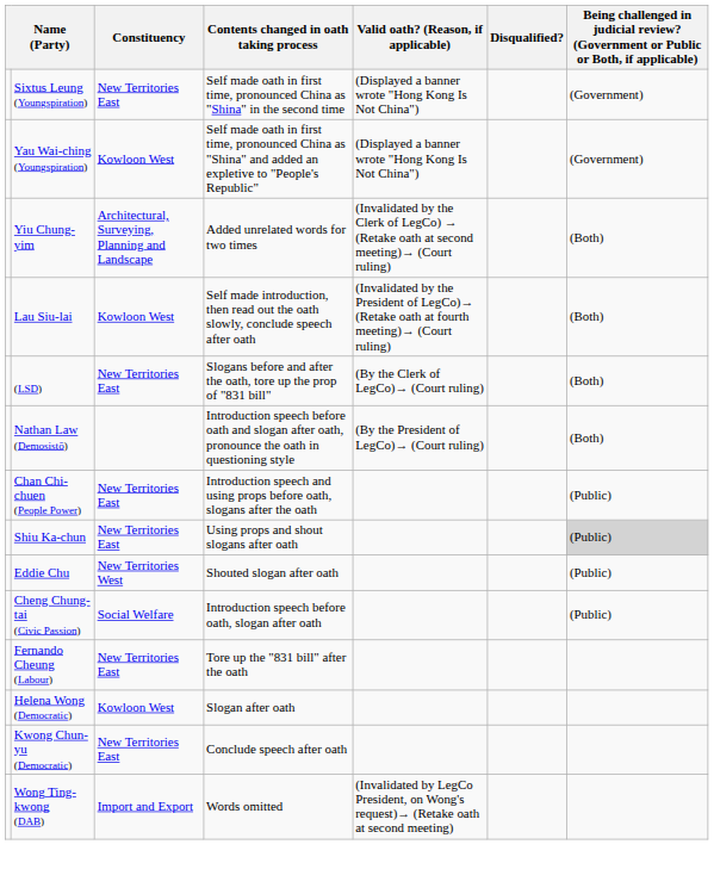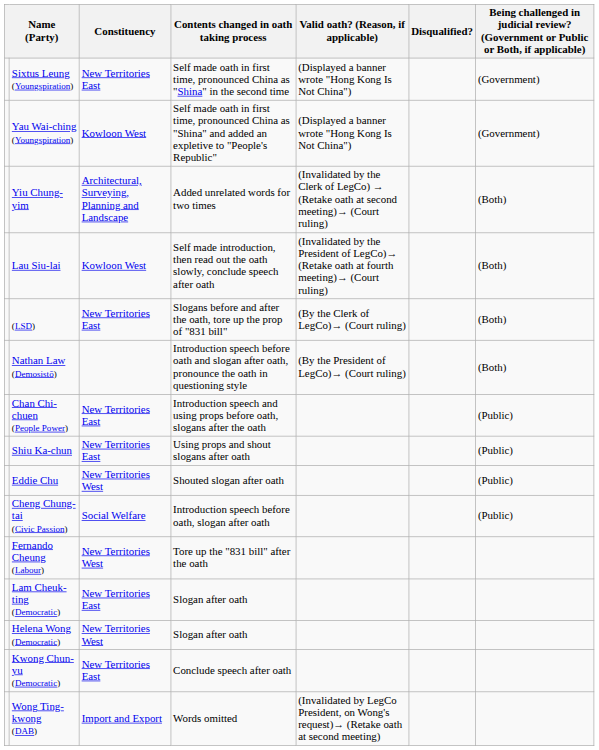 <table class=wikitable>
 <tr>
 <th colspan=2>Name<br>(Party)</th>
 <th>Constituency</th>
 <th>Contents changed in oath taking process</th>
 <th>Valid oath? (Reason, if applicable)</th>
 <th>Disqualified?</th>
 <th>Being challenged in judicial review? (Government or Public or Both, if applicable)</th>
 </tr>
 <tr>
 <td></td>
 <td><a href='#'>Sixtus Leung</a><br><small>(<a href='#'>Youngspiration</a>)</small></td>
 <td><a href='#'>New Territories East</a></td>
 <td>Self made oath in first time, pronounced China as "<a href='#'>Shina</a>" in the second time</td>
 <td> (Displayed a banner wrote "Hong Kong Is Not China")</td>
 <td></td>
 <td> (Government)</td>
 </tr>
 <tr>
 <td></td>
 <td><a href='#'>Yau Wai-ching</a><br><small>(<a href='#'>Youngspiration</a>)</small></td>
 <td><a href='#'>Kowloon West</a></td>
 <td>Self made oath in first time, pronounced China as "Shina" and added an expletive to "People's Republic"</td>
 <td> (Displayed a banner wrote "Hong Kong Is Not China")</td>
 <td></td>
 <td> (Government)</td>
 </tr>
 <tr>
 <td></td>
 <td><a href='#'>Yiu Chung-yim</a></td>
 <td><a href='#'>Architectural, Surveying, Planning and Landscape</a></td>
 <td>Added unrelated words  for two times</td>
 <td> (Invalidated by the Clerk of LegCo) → (Retake oath at second meeting)→ (Court ruling)</td>
 <td></td>
 <td> (Both)</td>
 </tr>
 <tr>
 <td></td>
 <td><a href='#'>Lau Siu-lai</a></td>
 <td><a href='#'>Kowloon West</a></td>
 <td>Self made introduction, then read out the oath slowly, conclude speech after oath</td>
 <td> (Invalidated by the President of LegCo)→ (Retake oath at fourth meeting)→ (Court ruling)</td>
 <td></td>
 <td> (Both)</td>
 </tr>
 <tr>
 <td></td>
 <td><br><small>(<a href='#'>LSD</a>)</small></td>
 <td><a href='#'>New Territories East</a></td>
 <td>Slogans before and after the oath, tore up the prop of "831 bill"</td>
 <td> (By the Clerk of LegCo)→ (Court ruling)</td>
 <td></td>
 <td> (Both)</td>
 </tr>
 <tr>
 <td></td>
 <td><a href='#'>Nathan Law</a><br><small>(<a href='#'>Demosistō</a>)</small></td>
 <td></td>
 <td>Introduction speech before oath  and slogan after oath,  pronounce the oath in questioning style</td>
 <td> (By the President of LegCo)→ (Court ruling)</td>
 <td></td>
 <td> (Both)</td>
 </tr>
 <tr>
 <td></td>
 <td><a href='#'>Chan Chi-chuen</a><br><small>(<a href='#'>People Power</a>)</small></td>
 <td><a href='#'>New Territories East</a></td>
 <td>Introduction speech and using props before oath, slogans after the oath</td>
 <td></td>
 <td></td>
 <td> (Public)</td>
 </tr>
 <tr>
 <td></td>
 <td><a href='#'>Shiu Ka-chun</a></td>
 <td><a href='#'>New Territories East</a></td>
 <td>Using props and shout slogans  after oath</td>
 <td></td>
 <td></td>
-<td style="background: lightgrey;"> (Public)</td>
+<td> (Public)</td>
 </tr>
 <tr>
 <td></td>
 <td><a href='#'>Eddie Chu</a></td>
 <td><a href='#'>New Territories West</a></td>
 <td>Shouted slogan after oath </td>
 <td></td>
 <td></td>
 <td> (Public)</td>
 </tr>
 <tr>
 <td></td>
 <td><a href='#'>Cheng Chung-tai</a><br><small>(<a href='#'>Civic Passion</a>)</small></td>
 <td><a href='#'>Social Welfare</a></td>
 <td>Introduction speech before oath, slogan after oath</td>
 <td></td>
 <td></td>
 <td> (Public)</td>
 </tr>
 <tr>
 <td></td>
 <td><a href='#'>Fernando Cheung</a><br><small>(<a href='#'>Labour</a>)</small></td>
-<td><a href='#'>New Territories East</a></td>
+<td><a href='#'>New Territories West</a></td>
 <td>Tore up the "831 bill" after the oath</td>
 <td></td>
 <td></td>
 <td></td>
 </tr>
 <tr>
 <td></td>
+<td><a href='#'>Lam Cheuk-ting</a><br><small>(<a href='#'>Democratic</a>)</small></td>
+<td><a href='#'>New Territories East</a></td>
+<td>Slogan after oath </td>
+<td></td>
+<td></td>
+<td></td>
+</tr>
+<tr>
+<td></td>
 <td><a href='#'>Helena Wong</a><br><small>(<a href='#'>Democratic</a>)</small></td>
-<td><a href='#'>Kowloon West</a></td>
+<td><a href='#'>New Territories West</a></td>
 <td>Slogan after oath </td>
 <td></td>
 <td></td>
 <td></td>
 </tr>
 <tr>
 <td></td>
 <td><a href='#'>Kwong Chun-yu</a><br><small>(<a href='#'>Democratic</a>)</small></td>
 <td><a href='#'>New Territories East</a></td>
 <td>Conclude speech after oath</td>
 <td></td>
 <td></td>
 <td></td>
 </tr>
 <tr>
 <td></td>
 <td><a href='#'>Wong Ting-kwong</a><br><small>(<a href='#'>DAB</a>)</small></td>
 <td><a href='#'>Import and Export</a></td>
 <td>Words omitted</td>
 <td> (Invalidated by LegCo President, on Wong's request)→ (Retake oath at second meeting)</td>
 <td></td>
 <td></td>
 </tr>
 </table>
